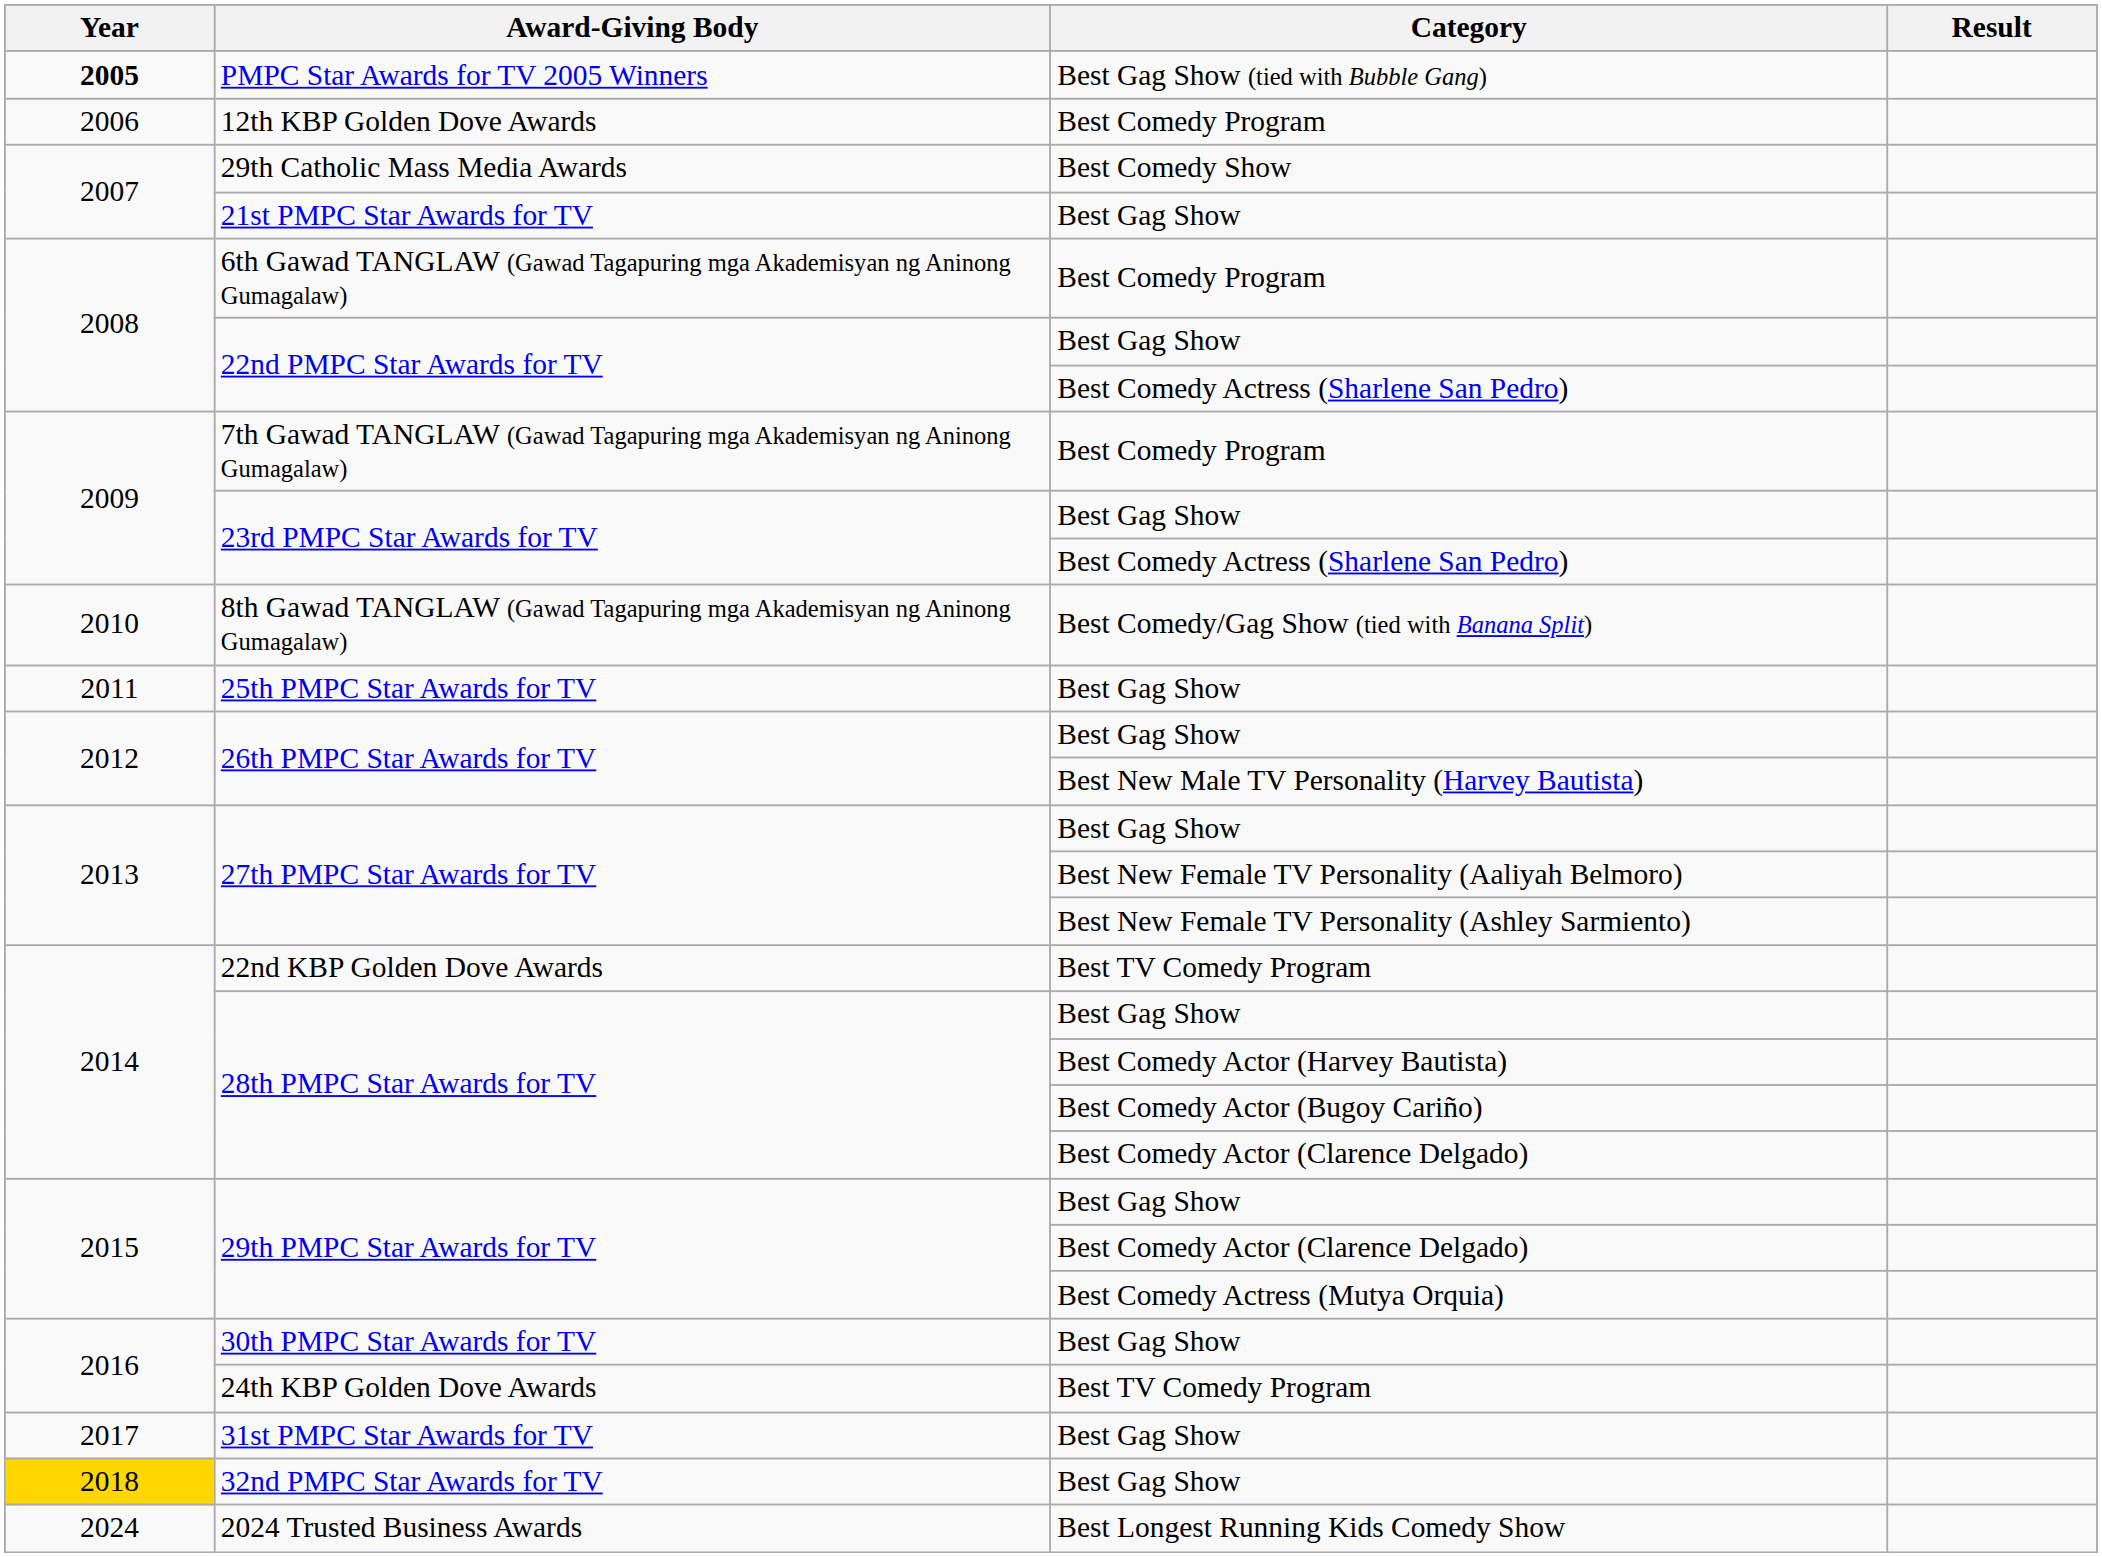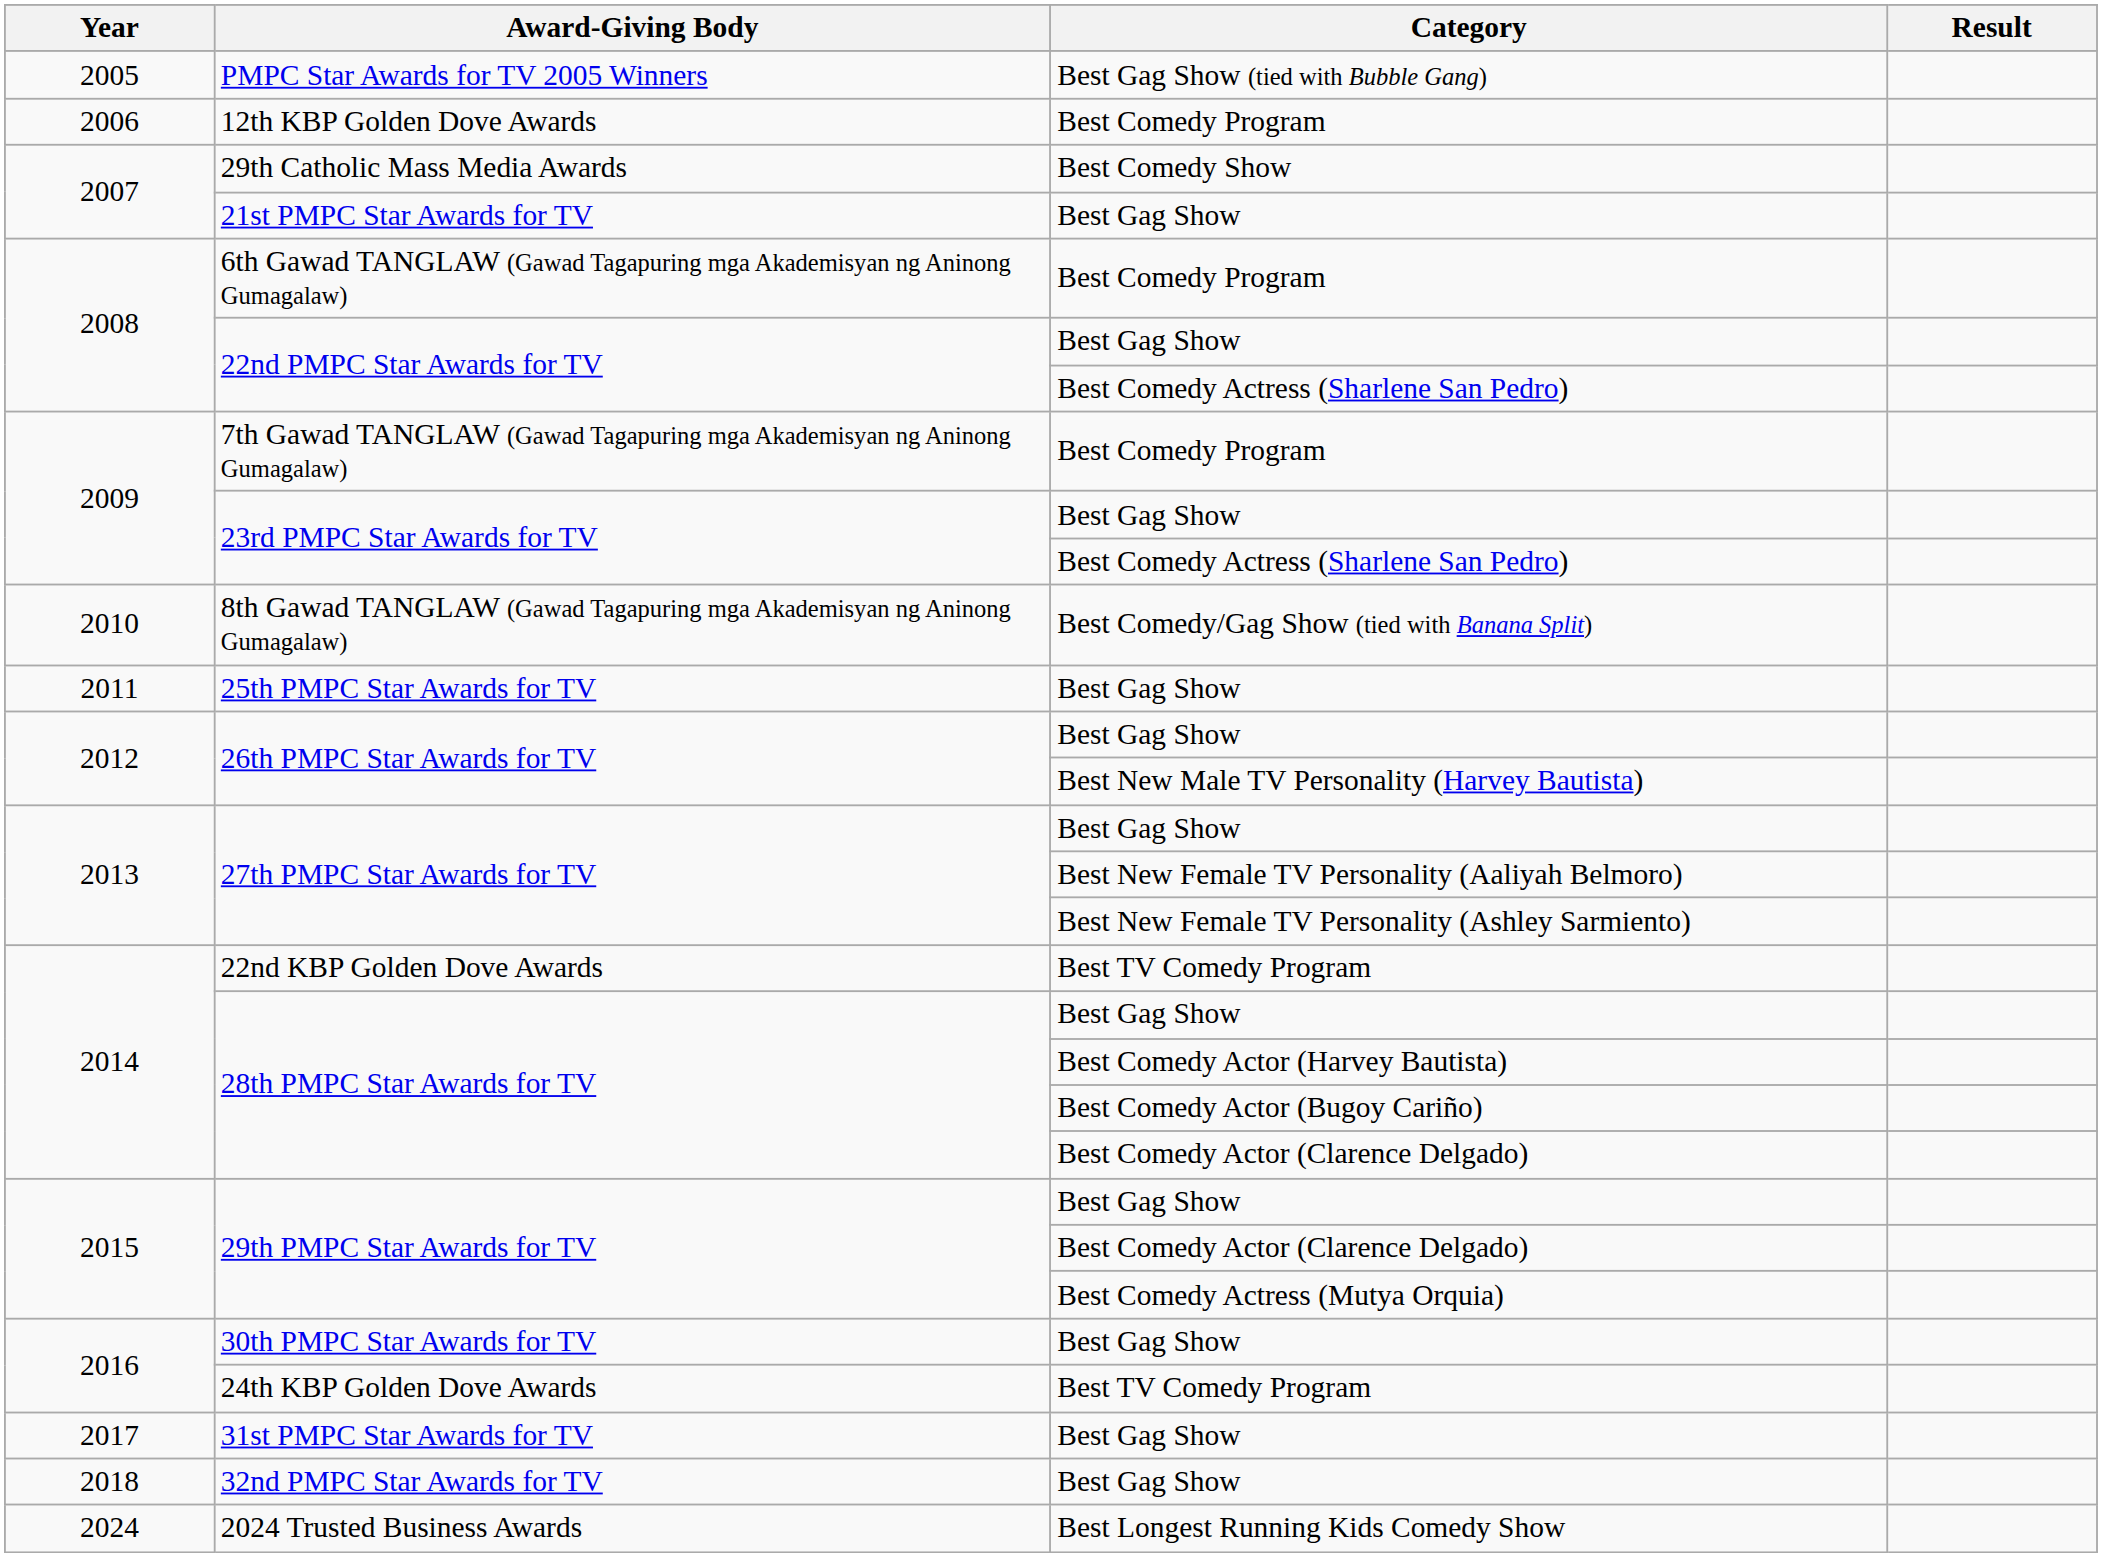 <table | width="90%" class="wikitable sortable">
 <tr>
 <th width="10%">Year</th>
 <th width="40%">Award-Giving Body</th>
 <th width="40%">Category</th>
 <th width="10%">Result</th>
 </tr>
 <tr>
-<td align="center"><strong>2005</strong></td>
+<td align="center">2005</td>
 <td><a href='#'>PMPC Star Awards for TV 2005 Winners</a></td>
 <td>Best Gag Show <small>(tied with <em>Bubble Gang</em>)</small></td>
 <td></td>
 </tr>
 <tr>
 <td align="center">2006</td>
 <td>12th KBP Golden Dove Awards</td>
 <td>Best Comedy Program</td>
 <td></td>
 </tr>
 <tr>
 <td align="center" rowspan=2>2007</td>
 <td>29th Catholic Mass Media Awards</td>
 <td>Best Comedy Show</td>
 <td></td>
 </tr>
 <tr>
 <td><a href='#'>21st PMPC Star Awards for TV</a></td>
 <td>Best Gag Show</td>
 <td></td>
 </tr>
 <tr>
 <td align="center" rowspan=3>2008</td>
 <td>6th Gawad TANGLAW <small>(Gawad Tagapuring mga Akademisyan ng Aninong Gumagalaw)</small></td>
 <td>Best Comedy Program</td>
 <td></td>
 </tr>
 <tr>
 <td rowspan=2><a href='#'>22nd PMPC Star Awards for TV</a></td>
 <td>Best Gag Show</td>
 <td></td>
 </tr>
 <tr>
 <td>Best Comedy Actress (<a href='#'>Sharlene San Pedro</a>)</td>
 <td></td>
 </tr>
 <tr>
 <td align="center" rowspan=3>2009</td>
 <td>7th Gawad TANGLAW <small>(Gawad Tagapuring mga Akademisyan ng Aninong Gumagalaw)</small></td>
 <td>Best Comedy Program</td>
 <td></td>
 </tr>
 <tr>
 <td rowspan=2><a href='#'>23rd PMPC Star Awards for TV</a></td>
 <td>Best Gag Show</td>
 <td></td>
 </tr>
 <tr>
 <td>Best Comedy Actress (<a href='#'>Sharlene San Pedro</a>)</td>
 <td></td>
 </tr>
 <tr>
 <td align="center">2010</td>
 <td>8th Gawad TANGLAW <small>(Gawad Tagapuring mga Akademisyan ng Aninong Gumagalaw)</small></td>
 <td>Best Comedy/Gag Show <small>(tied with <em><a href='#'>Banana Split</a></em>)</small></td>
 <td></td>
 </tr>
 <tr>
 <td align="center">2011</td>
 <td><a href='#'>25th PMPC Star Awards for TV</a></td>
 <td>Best Gag Show</td>
 <td></td>
 </tr>
 <tr>
 <td align="center" rowspan=2>2012</td>
 <td rowspan=2><a href='#'>26th PMPC Star Awards for TV</a></td>
 <td>Best Gag Show</td>
 <td></td>
 </tr>
 <tr>
 <td>Best New Male TV Personality (<a href='#'>Harvey Bautista</a>)</td>
 <td></td>
 </tr>
 <tr>
 <td align="center" rowspan=3>2013</td>
 <td rowspan=3><a href='#'>27th PMPC Star Awards for TV</a></td>
 <td>Best Gag Show</td>
 <td></td>
 </tr>
 <tr>
 <td>Best New Female TV Personality (Aaliyah Belmoro)</td>
 <td></td>
 </tr>
 <tr>
 <td>Best New Female TV Personality (Ashley Sarmiento)</td>
 <td></td>
 </tr>
 <tr>
 <td align="center" rowspan=5>2014</td>
 <td>22nd KBP Golden Dove Awards</td>
 <td>Best TV Comedy Program</td>
 <td></td>
 </tr>
 <tr>
 <td rowspan=4><a href='#'>28th PMPC Star Awards for TV</a></td>
 <td>Best Gag Show</td>
 <td></td>
 </tr>
 <tr>
 <td>Best Comedy Actor (Harvey Bautista)</td>
 <td></td>
 </tr>
 <tr>
 <td>Best Comedy Actor (Bugoy Cariño)</td>
 <td></td>
 </tr>
 <tr>
 <td>Best Comedy Actor (Clarence Delgado)</td>
 <td></td>
 </tr>
 <tr>
 <td align="center" rowspan=3>2015</td>
 <td rowspan=3><a href='#'>29th PMPC Star Awards for TV</a></td>
 <td>Best Gag Show</td>
 <td></td>
 </tr>
 <tr>
 <td>Best Comedy Actor (Clarence Delgado)</td>
 <td></td>
 </tr>
 <tr>
 <td>Best Comedy Actress (Mutya Orquia)</td>
 <td></td>
 </tr>
 <tr>
 <td align="center" rowspan=2>2016</td>
 <td><a href='#'>30th PMPC Star Awards for TV</a></td>
 <td>Best Gag Show</td>
 <td></td>
 </tr>
 <tr>
 <td>24th KBP Golden Dove Awards</td>
 <td>Best TV Comedy Program</td>
 <td></td>
 </tr>
 <tr>
 <td align="center">2017</td>
 <td><a href='#'>31st PMPC Star Awards for TV</a></td>
 <td>Best Gag Show</td>
 <td></td>
 </tr>
 <tr>
-<td align="center" style="background: gold;">2018</td>
+<td align="center">2018</td>
 <td><a href='#'>32nd PMPC Star Awards for TV</a></td>
 <td>Best Gag Show</td>
 <td></td>
 </tr>
 <tr>
 <td align="center">2024</td>
 <td>2024 Trusted Business Awards</td>
 <td>Best Longest Running Kids Comedy Show</td>
 <td></td>
 </tr>
 </table>
